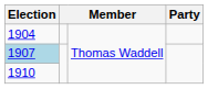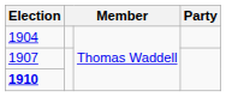 <table class="wikitable">
 <tr>
 <th>Election</th>
 <th colspan="2">Member</th>
 <th>Party</th>
 </tr>
 <tr>
 <td><a href='#'>1904</a></td>
 <td> </td>
 <td rowspan="3"><a href='#'>Thomas Waddell</a></td>
 <td></td>
 </tr>
 <tr>
-<td style="background: lightblue;"><a href='#'>1907</a></td>
+<td><a href='#'>1907</a></td>
 <td rowspan="2" > </td>
 <td rowspan="2"></td>
 </tr>
 <tr>
-<td><a href='#'>1910</a></td>
+<td><strong><a href='#'>1910</a></strong></td>
 </tr>
 </table>
